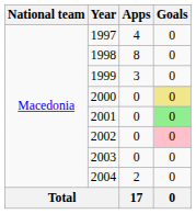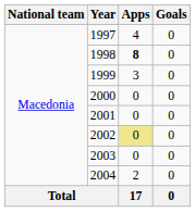 <table class="wikitable" style="text-align:center">
 <tr>
 <th>National team</th>
 <th>Year</th>
 <th>Apps</th>
 <th>Goals</th>
 </tr>
 <tr>
 <td rowspan="8"><a href='#'>Macedonia</a></td>
 <td>1997</td>
 <td>4</td>
 <td>0</td>
 </tr>
 <tr>
 <td>1998</td>
-<td>8</td>
+<td><strong>8</strong></td>
 <td>0</td>
 </tr>
 <tr>
 <td>1999</td>
 <td>3</td>
 <td>0</td>
 </tr>
 <tr>
 <td>2000</td>
 <td>0</td>
-<td style="background: khaki;">0</td>
+<td>0</td>
 </tr>
 <tr>
 <td>2001</td>
 <td>0</td>
-<td style="background: lightgreen;">0</td>
+<td>0</td>
 </tr>
 <tr>
 <td>2002</td>
+<td style="background: khaki;">0</td>
 <td>0</td>
-<td style="background: pink;">0</td>
 </tr>
 <tr>
 <td>2003</td>
 <td>0</td>
 <td>0</td>
 </tr>
 <tr>
 <td>2004</td>
 <td>2</td>
 <td>0</td>
 </tr>
 <tr>
 <th colspan="2">Total</th>
 <th>17</th>
 <th>0</th>
 </tr>
 </table>
